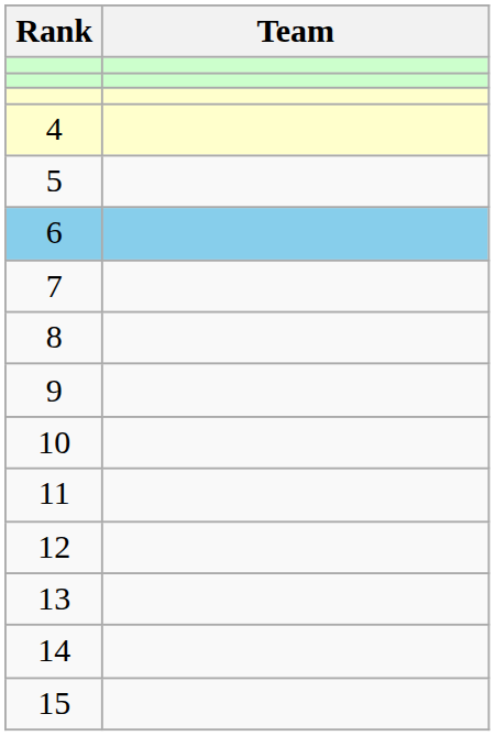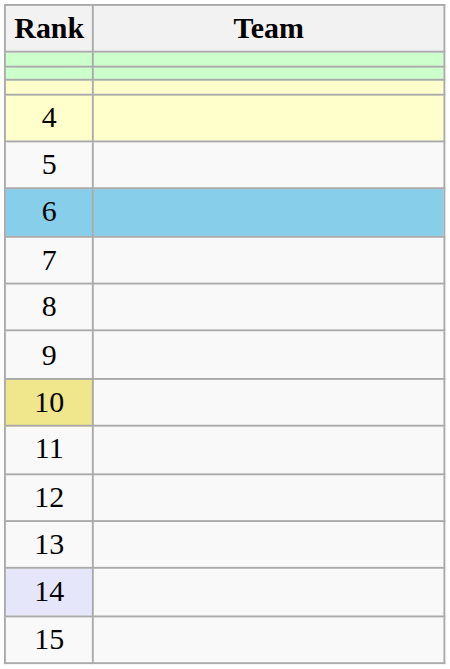 <table class="wikitable" style="text-align: center;">
 <tr>
 <th width=40>Rank</th>
 <th width=180>Team</th>
 </tr>
 <tr bgcolor=#CCFFCC>
 <td></td>
 <td align="left"></td>
 </tr>
 <tr bgcolor=#CCFFCC>
 <td></td>
 <td align="left"></td>
 </tr>
 <tr bgcolor=#ffffcc>
 <td></td>
 <td align="left"></td>
 </tr>
 <tr bgcolor=#ffffcc>
 <td>4</td>
 <td align="left"></td>
 </tr>
 <tr>
 <td>5</td>
 <td align="left"></td>
 </tr>
 <tr bgcolor=#87ceeb>
 <td>6</td>
 <td align="left"></td>
 </tr>
 <tr>
 <td>7</td>
 <td align="left"></td>
 </tr>
 <tr>
 <td>8</td>
 <td align="left"></td>
 </tr>
 <tr>
 <td>9</td>
 <td align="left"></td>
 </tr>
 <tr>
-<td>10</td>
+<td style="background: khaki;">10</td>
 <td align="left"></td>
 </tr>
 <tr>
 <td>11</td>
 <td align="left"></td>
 </tr>
 <tr>
 <td>12</td>
 <td align="left"></td>
 </tr>
 <tr>
 <td>13</td>
 <td align="left"></td>
 </tr>
 <tr>
-<td>14</td>
+<td style="background: lavender;">14</td>
 <td align="left"></td>
 </tr>
 <tr>
 <td>15</td>
 <td align="left"></td>
 </tr>
 </table>
